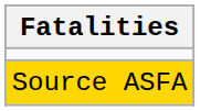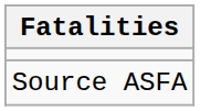 <table class="wikitable">
 <tr>
 <th>Fatalities</th>
 </tr>
 <tr>
 <td></td>
 </tr>
 <tr>
-<td style="background: gold;">Source ASFA</td>
+<td>Source ASFA</td>
 </tr>
 </table>
